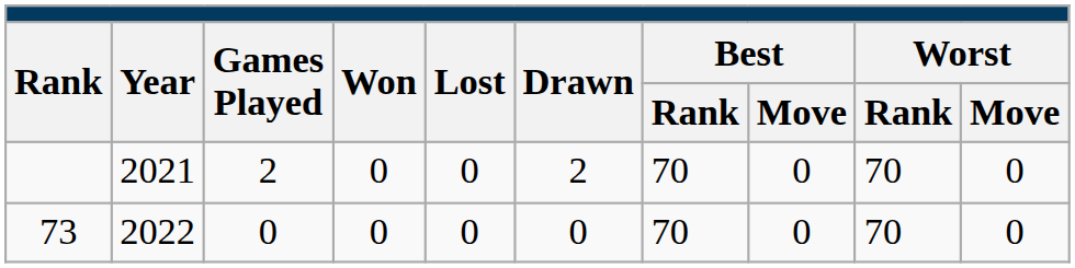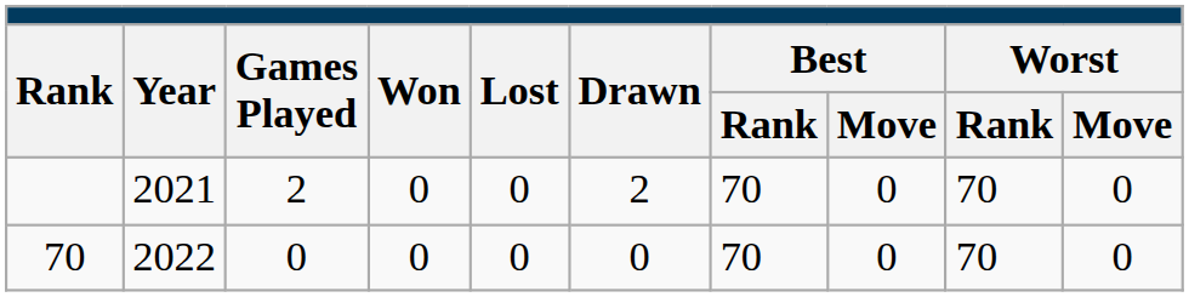 <table class="wikitable sortable" style="text-align:center;">
 <tr>
 <th colspan="10" style="background: #013A5E; color: #FFFFFF;"><a href='#'></a></th>
 </tr>
 <tr>
 <th rowspan=2>Rank</th>
 <th rowspan=2>Year</th>
 <th rowspan=2>Games<br>Played</th>
 <th rowspan=2>Won</th>
 <th rowspan=2>Lost</th>
 <th rowspan=2>Drawn</th>
 <th colspan=2>Best</th>
 <th colspan=2>Worst</th>
 </tr>
 <tr>
 <th>Rank</th>
 <th>Move</th>
 <th>Rank</th>
 <th>Move</th>
 </tr>
 <tr>
 <td></td>
 <td>2021</td>
 <td>2</td>
 <td>0</td>
 <td>0</td>
 <td>2</td>
 <td align="left">70</td>
 <td> 0</td>
 <td align="left">70</td>
 <td> 0</td>
 </tr>
 <tr>
-<td>73</td>
+<td>70</td>
 <td>2022</td>
 <td>0</td>
 <td>0</td>
 <td>0</td>
 <td>0</td>
 <td align="left">70</td>
 <td> 0</td>
 <td align="left">70</td>
 <td> 0</td>
 </tr>
 </table>
